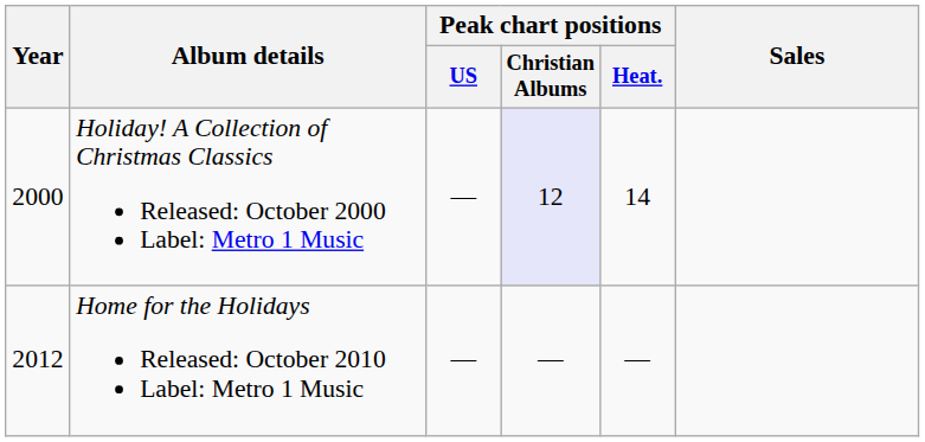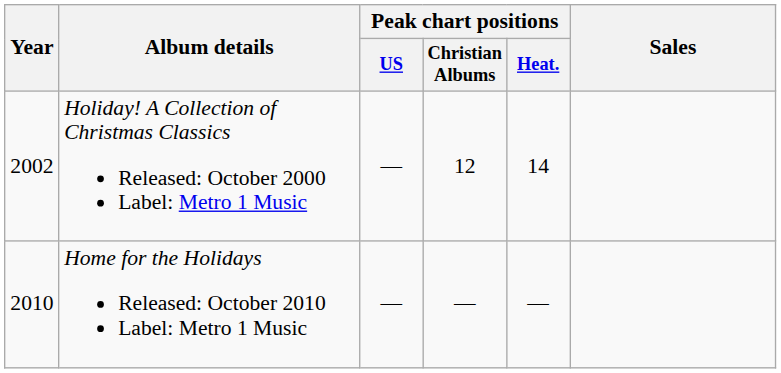 <table class="wikitable" style="text-align:center;">
 <tr>
 <th rowspan="2" width="33">Year</th>
 <th rowspan="2" width="215">Album details</th>
 <th colspan="3">Peak chart positions</th>
 <th rowspan="2" width="145">Sales</th>
 </tr>
 <tr>
 <th style="width:3em;font-size:85%"><a href='#'>US</a></th>
 <th style="width:3em;font-size:85%">Christian Albums</th>
 <th style="width:3em;font-size:85%"><a href='#'>Heat.</a></th>
 </tr>
 <tr>
-<td>2000</td>
+<td>2002</td>
 <td align="left"><em>Holiday! A Collection of Christmas Classics</em><br><ul><li>Released: October 2000</li><li>Label: <a href='#'>Metro 1 Music</a></li></ul></td>
 <td>—</td>
-<td style="background: lavender;">12</td>
+<td>12</td>
 <td>14</td>
 <td></td>
 </tr>
 <tr>
-<td>2012</td>
+<td>2010</td>
 <td align="left"><em>Home for the Holidays</em><br><ul><li>Released: October 2010</li><li>Label: Metro 1 Music</li></ul></td>
 <td>—</td>
 <td>—</td>
 <td>—</td>
 <td></td>
 </tr>
 </table>
